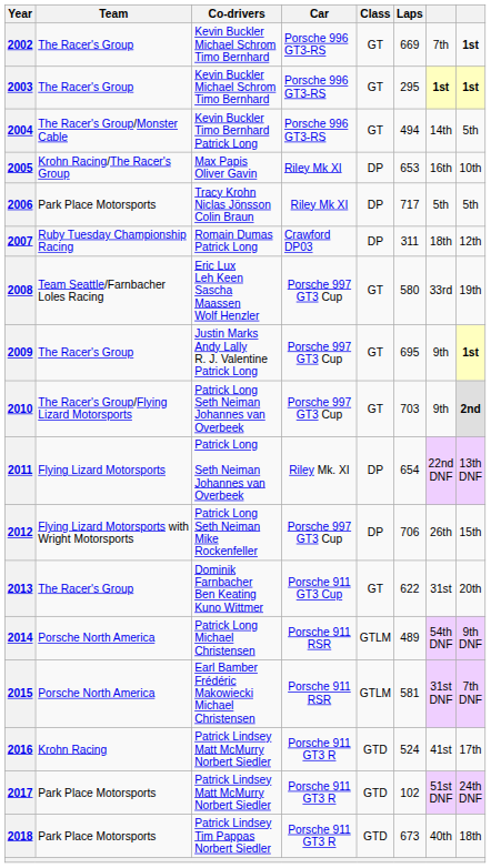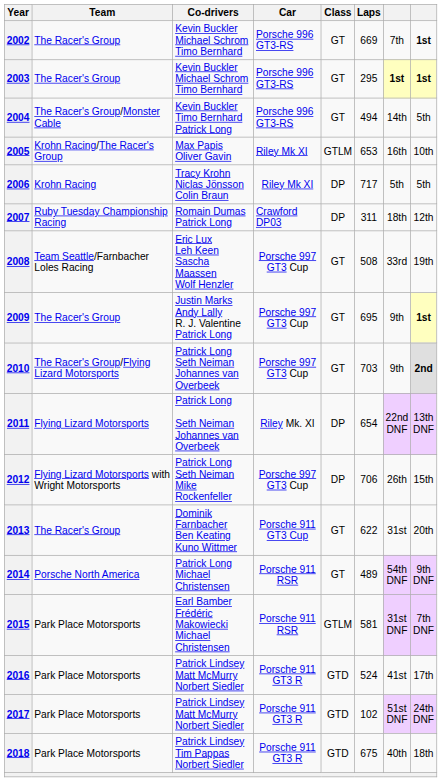 <table class="wikitable" style="text-align:center; font-size:90%">
 <tr>
 <th>Year</th>
 <th>Team</th>
 <th>Co-drivers</th>
 <th>Car</th>
 <th>Class</th>
 <th>Laps</th>
 <th></th>
 <th></th>
 </tr>
 <tr>
 <th><a href='#'>2002</a></th>
 <td align="left"> <a href='#'>The Racer's Group</a></td>
 <td align="left"> <a href='#'>Kevin Buckler</a><br> <a href='#'>Michael Schrom</a><br> <a href='#'>Timo Bernhard</a></td>
 <td align="left"><a href='#'>Porsche 996 GT3-RS</a></td>
 <td>GT</td>
 <td>669</td>
 <td>7th</td>
 <td><strong>1st</strong></td>
 </tr>
 <tr>
 <th><a href='#'>2003</a></th>
 <td align="left"> <a href='#'>The Racer's Group</a></td>
 <td align="left"> <a href='#'>Kevin Buckler</a><br> <a href='#'>Michael Schrom</a><br> <a href='#'>Timo Bernhard</a></td>
 <td align="left"><a href='#'>Porsche 996 GT3-RS</a></td>
 <td>GT</td>
 <td>295</td>
 <th style="background:#FFFFBF;”">1st</th>
 <th style="background:#FFFFBF;”">1st</th>
 </tr>
 <tr>
 <th><a href='#'>2004</a></th>
 <td align="left"> <a href='#'>The Racer's Group</a>/<a href='#'>Monster Cable</a></td>
 <td align="left"> <a href='#'>Kevin Buckler</a><br> <a href='#'>Timo Bernhard</a><br> <a href='#'>Patrick Long</a></td>
 <td align="left"><a href='#'>Porsche 996 GT3-RS</a></td>
 <td>GT</td>
 <td>494</td>
 <td>14th</td>
 <td>5th</td>
 </tr>
 <tr>
 <th><a href='#'>2005</a></th>
 <td align="left"> <a href='#'>Krohn Racing</a>/<a href='#'>The Racer's Group</a></td>
 <td align="left"> <a href='#'>Max Papis</a><br> <a href='#'>Oliver Gavin</a></td>
 <td align="left"><a href='#'>Riley Mk XI</a></td>
-<td>DP</td>
+<td>GTLM</td>
 <td>653</td>
 <td>16th</td>
 <td>10th</td>
 </tr>
 <tr>
 <th><a href='#'>2006</a></th>
-<td align="left"> Park Place Motorsports</td>
+<td align="left"> <a href='#'>Krohn Racing</a></td>
 <td align="left"> <a href='#'>Tracy Krohn</a><br> <a href='#'>Niclas Jönsson</a><br> <a href='#'>Colin Braun</a></td>
 <td><a href='#'>Riley Mk XI</a></td>
 <td>DP</td>
 <td>717</td>
 <td>5th</td>
 <td>5th</td>
 </tr>
 <tr>
 <th><a href='#'>2007</a></th>
 <td align="left"> <a href='#'>Ruby Tuesday Championship Racing</a></td>
 <td align="left"> <a href='#'>Romain Dumas</a><br> <a href='#'>Patrick Long</a></td>
 <td align="left"><a href='#'>Crawford DP03</a></td>
 <td>DP</td>
 <td>311</td>
 <td>18th</td>
 <td>12th</td>
 </tr>
 <tr>
 <th><a href='#'>2008</a></th>
 <td align="left"> <a href='#'>Team Seattle</a>/Farnbacher Loles Racing</td>
 <td align="left"> <a href='#'>Eric Lux</a><br> <a href='#'>Leh Keen</a><br> <a href='#'>Sascha Maassen</a><br> <a href='#'>Wolf Henzler</a></td>
 <td><a href='#'>Porsche 997 GT3</a> Cup</td>
 <td>GT</td>
-<td>580</td>
+<td>508</td>
 <td>33rd</td>
 <td>19th</td>
 </tr>
 <tr>
 <th><a href='#'>2009</a></th>
 <td align="left"> <a href='#'>The Racer's Group</a></td>
 <td align="left"> <a href='#'>Justin Marks</a><br> <a href='#'>Andy Lally</a><br> R. J. Valentine<br> <a href='#'>Patrick Long</a></td>
 <td><a href='#'>Porsche 997 GT3</a> Cup</td>
 <td>GT</td>
 <td>695</td>
 <td>9th</td>
 <td style="background:#FFFFBF;”"><strong>1st</strong></td>
 </tr>
 <tr>
 <th><a href='#'>2010</a></th>
 <td align="left"> <a href='#'>The Racer's Group</a>/<a href='#'>Flying Lizard Motorsports</a></td>
 <td align="left"> <a href='#'>Patrick Long</a><br> <a href='#'>Seth Neiman</a><br> <a href='#'>Johannes van Overbeek</a></td>
 <td><a href='#'>Porsche 997 GT3</a> Cup</td>
 <td>GT</td>
 <td>703</td>
 <td>9th</td>
 <td style="background:#DFDFDF;”"><strong>2nd</strong></td>
 </tr>
 <tr>
 <th><a href='#'>2011</a></th>
 <td align="left"> <a href='#'>Flying Lizard Motorsports</a></td>
 <td align="left"> <a href='#'>Patrick Long</a><br><br> <a href='#'>Seth Neiman</a><br> <a href='#'>Johannes van Overbeek</a></td>
 <td><a href='#'>Riley</a> Mk. XI</td>
 <td>DP</td>
 <td>654</td>
 <td style="background:#EFCFFF;">22nd<br>DNF</td>
 <td style="background:#EFCFFF;">13th<br>DNF</td>
 </tr>
 <tr>
 <th><a href='#'>2012</a></th>
 <td align="left"> <a href='#'>Flying Lizard Motorsports</a> with Wright Motorsports</td>
 <td align="left"> <a href='#'>Patrick Long</a><br> <a href='#'>Seth Neiman</a><br> <a href='#'>Mike Rockenfeller</a></td>
 <td><a href='#'>Porsche 997 GT3</a> Cup</td>
 <td>DP</td>
 <td>706</td>
 <td>26th</td>
 <td>15th</td>
 </tr>
 <tr>
 <th><a href='#'>2013</a></th>
 <td align="left"> <a href='#'>The Racer's Group</a></td>
 <td align="left"> <a href='#'>Dominik Farnbacher</a><br> <a href='#'>Ben Keating</a><br> <a href='#'>Kuno Wittmer</a></td>
 <td><a href='#'>Porsche 911 GT3 Cup</a></td>
 <td>GT</td>
 <td>622</td>
 <td>31st</td>
 <td>20th</td>
 </tr>
 <tr>
 <th><a href='#'>2014</a></th>
 <td align="left"> <a href='#'>Porsche North America</a></td>
 <td align="left"> <a href='#'>Patrick Long</a><br> <a href='#'>Michael Christensen</a></td>
 <td><a href='#'>Porsche 911 RSR</a></td>
-<td>GTLM</td>
+<td>GT</td>
 <td>489</td>
 <td style="background:#EFCFFF;">54th<br>DNF</td>
 <td style="background:#EFCFFF;">9th<br>DNF</td>
 </tr>
 <tr>
 <th><a href='#'>2015</a></th>
-<td align="left"> <a href='#'>Porsche North America</a></td>
+<td align="left"> Park Place Motorsports</td>
 <td align="left"> <a href='#'>Earl Bamber</a><br> <a href='#'>Frédéric Makowiecki</a><br> <a href='#'>Michael Christensen</a></td>
 <td><a href='#'>Porsche 911 RSR</a></td>
 <td>GTLM</td>
 <td>581</td>
 <td style="background:#EFCFFF;">31st<br>DNF</td>
 <td style="background:#EFCFFF;">7th<br>DNF</td>
 </tr>
 <tr>
 <th><a href='#'>2016</a></th>
-<td align="left"> <a href='#'>Krohn Racing</a></td>
+<td align="left"> Park Place Motorsports</td>
 <td align="left"> <a href='#'>Patrick Lindsey</a> <br> <a href='#'>Matt McMurry</a><br> <a href='#'>Norbert Siedler</a></td>
 <td><a href='#'>Porsche 911 GT3 R</a></td>
 <td>GTD</td>
 <td>524</td>
 <td>41st</td>
 <td>17th</td>
 </tr>
 <tr>
 <th><a href='#'>2017</a></th>
 <td align="left"> Park Place Motorsports</td>
 <td align="left"> <a href='#'>Patrick Lindsey</a><br>  <a href='#'>Matt McMurry</a><br> <a href='#'>Norbert Siedler</a></td>
 <td><a href='#'>Porsche 911 GT3 R</a></td>
 <td>GTD</td>
 <td>102</td>
 <td style="background:#EFCFFF;">51st<br>DNF</td>
 <td style="background:#EFCFFF;">24th<br>DNF</td>
 </tr>
 <tr>
 <th><a href='#'>2018</a></th>
 <td align="left"> Park Place Motorsports</td>
 <td align="left"> <a href='#'>Patrick Lindsey</a><br>  <a href='#'>Tim Pappas</a><br> <a href='#'>Norbert Siedler</a></td>
 <td><a href='#'>Porsche 911 GT3 R</a></td>
 <td>GTD</td>
-<td>673</td>
+<td>675</td>
 <td>40th</td>
 <td>18th</td>
 </tr>
 <tr>
 <th colspan="8"></th>
 </tr>
 </table>
